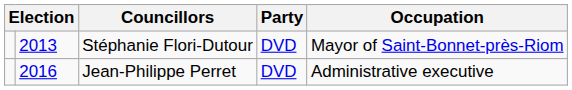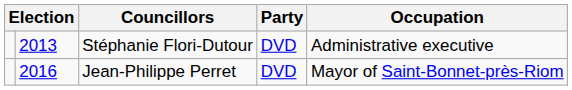 <table class="wikitable">
 <tr>
 <th colspan="2">Election</th>
 <th>Councillors</th>
 <th>Party</th>
 <th>Occupation</th>
 </tr>
 <tr>
 <td style="background-color: "></td>
 <td><a href='#'>2013</a></td>
 <td>Stéphanie Flori-Dutour</td>
 <td><a href='#'>DVD</a></td>
-<td>Mayor of <a href='#'>Saint-Bonnet-près-Riom</a></td>
+<td>Administrative executive</td>
 </tr>
 <tr>
 <td style="background-color: "></td>
 <td><a href='#'>2016</a></td>
 <td>Jean-Philippe Perret</td>
 <td><a href='#'>DVD</a></td>
-<td>Administrative executive</td>
+<td>Mayor of <a href='#'>Saint-Bonnet-près-Riom</a></td>
 </tr>
 </table>
